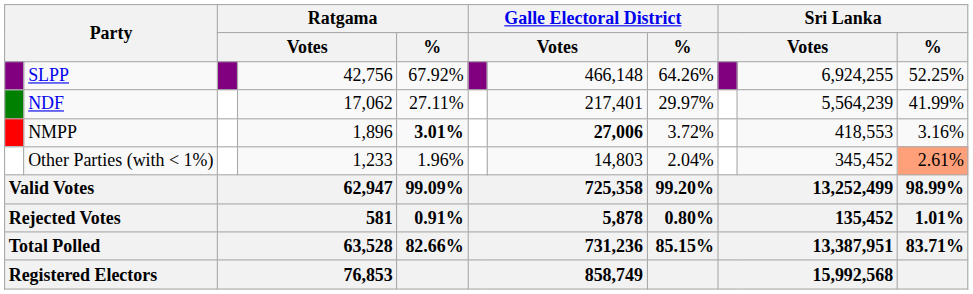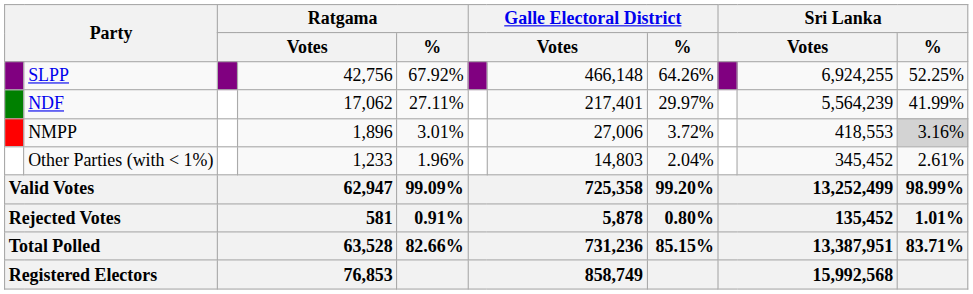 <table class="wikitable">
 <tr>
 <th colspan="2" width="144px"rowspan="2">Party</th>
 <th colspan="3" width="216px">Ratgama</th>
 <th colspan="3" width="216px"><a href='#'>Galle Electoral District</a></th>
 <th colspan="3" width="216px">Sri Lanka</th>
 </tr>
 <tr>
 <th colspan="2" width="144px">Votes</th>
 <th>%</th>
 <th colspan="2" width="144px">Votes</th>
 <th>%</th>
 <th colspan="2" width="144px">Votes</th>
 <th>%</th>
 </tr>
 <tr>
 <td style="background-color:purple;" width="10px"></td>
 <td style="text-align:left;"><a href='#'>SLPP</a></td>
 <td style="background-color:purple;" width="10px"></td>
 <td style="text-align:right;">42,756</td>
 <td style="text-align:right;">67.92%</td>
 <td style="background-color:purple;" width="10px"></td>
 <td style="text-align:right;">466,148</td>
 <td style="text-align:right;">64.26%</td>
 <td style="background-color:purple;" width="10px"></td>
 <td style="text-align:right;">6,924,255</td>
 <td style="text-align:right;">52.25%</td>
 </tr>
 <tr>
 <td style="background-color:green;" width="10px"></td>
 <td style="text-align:left;"><a href='#'>NDF</a></td>
 <td style="background-color:white;" width="10px"></td>
 <td style="text-align:right;">17,062</td>
 <td style="text-align:right;">27.11%</td>
 <td style="background-color:white;" width="10px"></td>
 <td style="text-align:right;">217,401</td>
 <td style="text-align:right;">29.97%</td>
 <td style="background-color:white;" width="10px"></td>
 <td style="text-align:right;">5,564,239</td>
 <td style="text-align:right;">41.99%</td>
 </tr>
 <tr>
 <td style="background-color:red;" width="10px"></td>
 <td style="text-align:left;">NMPP</td>
 <td style="background-color:white;" width="10px"></td>
 <td style="text-align:right;">1,896</td>
-<td style="text-align:right;"><strong>3.01%</strong></td>
+<td style="text-align:right;">3.01%</td>
 <td style="background-color:white;" width="10px"></td>
-<td style="text-align:right;"><strong>27,006</strong></td>
+<td style="text-align:right;">27,006</td>
 <td style="text-align:right;">3.72%</td>
 <td style="background-color:white;" width="10px"></td>
 <td style="text-align:right;">418,553</td>
-<td style="text-align:right;">3.16%</td>
+<td style="background: lightgrey; text-align:right;">3.16%</td>
 </tr>
 <tr>
 <td style="background-color:white;" width="10px"></td>
 <td style="text-align:left;">Other Parties (with < 1%)</td>
 <td style="background-color:white;" width="10px"></td>
 <td style="text-align:right;">1,233</td>
 <td style="text-align:right;">1.96%</td>
 <td style="background-color:white;" width="10px"></td>
 <td style="text-align:right;">14,803</td>
 <td style="text-align:right;">2.04%</td>
 <td style="background-color:white;" width="10px"></td>
 <td style="text-align:right;">345,452</td>
-<td style="background: lightsalmon; text-align:right;">2.61%</td>
+<td style="text-align:right;">2.61%</td>
 </tr>
 <tr>
 <th colspan="2" width="144px"style="text-align:left;">Valid Votes</th>
 <th style="text-align:right;"colspan="2" width="144px">62,947</th>
 <th style="text-align:right;">99.09%</th>
 <th style="text-align:right;"colspan="2" width="144px">725,358</th>
 <th style="text-align:right;">99.20%</th>
 <th style="text-align:right;"colspan="2" width="144px">13,252,499</th>
 <th style="text-align:right;">98.99%</th>
 </tr>
 <tr>
 <th colspan="2" width="144px"style="text-align:left;">Rejected Votes</th>
 <th style="text-align:right;"colspan="2" width="144px">581</th>
 <th style="text-align:right;">0.91%</th>
 <th style="text-align:right;"colspan="2" width="144px">5,878</th>
 <th style="text-align:right;">0.80%</th>
 <th style="text-align:right;"colspan="2" width="144px">135,452</th>
 <th style="text-align:right;">1.01%</th>
 </tr>
 <tr>
 <th colspan="2" width="144px"style="text-align:left;">Total Polled</th>
 <th style="text-align:right;"colspan="2" width="144px">63,528</th>
 <th style="text-align:right;">82.66%</th>
 <th style="text-align:right;"colspan="2" width="144px">731,236</th>
 <th style="text-align:right;">85.15%</th>
 <th style="text-align:right;"colspan="2" width="144px">13,387,951</th>
 <th style="text-align:right;">83.71%</th>
 </tr>
 <tr>
 <th colspan="2" width="144px"style="text-align:left;">Registered Electors</th>
 <th style="text-align:right;"colspan="2" width="144px">76,853</th>
 <th></th>
 <th style="text-align:right;"colspan="2" width="144px">858,749</th>
 <th></th>
 <th style="text-align:right;"colspan="2" width="144px">15,992,568</th>
 <th></th>
 </tr>
 </table>
